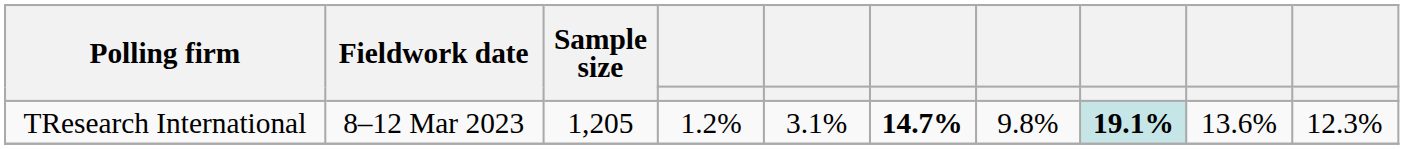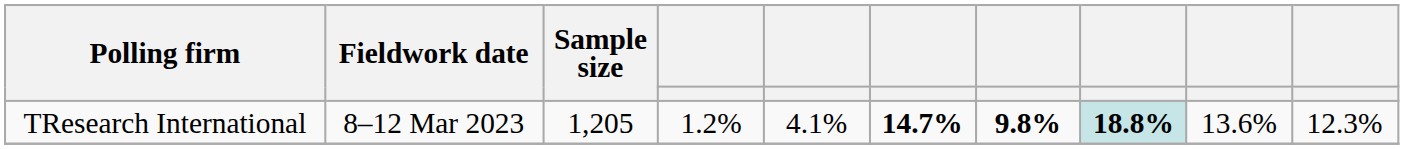 <table class="wikitable" style="text-align:center;font-size:90%;line-height:14px;">
 <tr style="height:40px;">
 <th style="width:150px;" rowspan="2">Polling firm</th>
 <th style="width:100px;" rowspan="2">Fieldwork date</th>
 <th style="width:50px;" rowspan="2">Sample size</th>
 <th class="unsortable" style="width:45px;"></th>
 <th class="unsortable" style="width:45px;"></th>
 <th class="unsortable" style="width:45px;"></th>
 <th class="unsortable" style="width:45px;"></th>
 <th class="unsortable" style="width:45px;"></th>
 <th class="unsortable" style="width:45px;"></th>
 <th class="unsortable" style="width:45px;"></th>
 </tr>
 <tr>
 <th style="background:"></th>
 <th style="background:"></th>
 <th style="background:"></th>
 <th style="background:"></th>
 <th style="background:"></th>
 <th style="background:"></th>
 <th style="background:"></th>
 </tr>
 <tr>
 <td>TResearch International</td>
 <td>8–12 Mar 2023</td>
 <td>1,205</td>
 <td>1.2%</td>
-<td>3.1%</td>
+<td>4.1%</td>
 <td><strong>14.7%</strong></td>
-<td>9.8%</td>
-<td style="background:#c5e5e7;"><strong>19.1%</strong></td>
+<td><strong>9.8%</strong></td>
+<td style="background:#c5e5e7;"><strong>18.8%</strong></td>
 <td>13.6%</td>
 <td>12.3%</td>
 </tr>
 <tr>
 </tr>
 </table>
